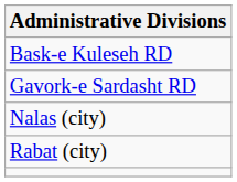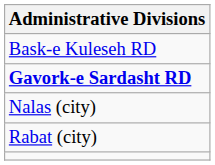 <table class="wikitable">
 <tr>
 <th>Administrative Divisions</th>
 </tr>
 <tr>
 <td><a href='#'>Bask-e Kuleseh RD</a></td>
 </tr>
 <tr>
-<td><a href='#'>Gavork-e Sardasht RD</a></td>
+<td><strong><a href='#'>Gavork-e Sardasht RD</a></strong></td>
 </tr>
 <tr>
 <td><a href='#'>Nalas</a> (city)</td>
 </tr>
 <tr>
 <td><a href='#'>Rabat</a> (city)</td>
 </tr>
 <tr>
 <td colspan=1></td>
 </tr>
 </table>
